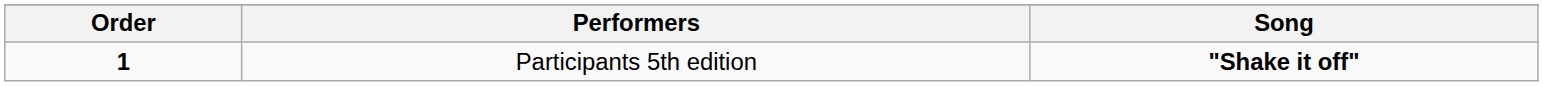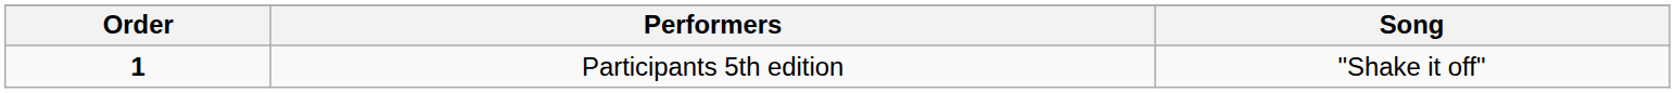 <table class="wikitable" style="text-align:center; width:65%;">
 <tr>
 </tr>
 <tr>
 <th>Order</th>
 <th>Performers</th>
 <th>Song</th>
 </tr>
 <tr>
 <td><strong>1</strong></td>
 <td>Participants 5th edition</td>
-<td><strong>"Shake it off"</strong></td>
+<td>"Shake it off"</td>
 </tr>
 </table>
